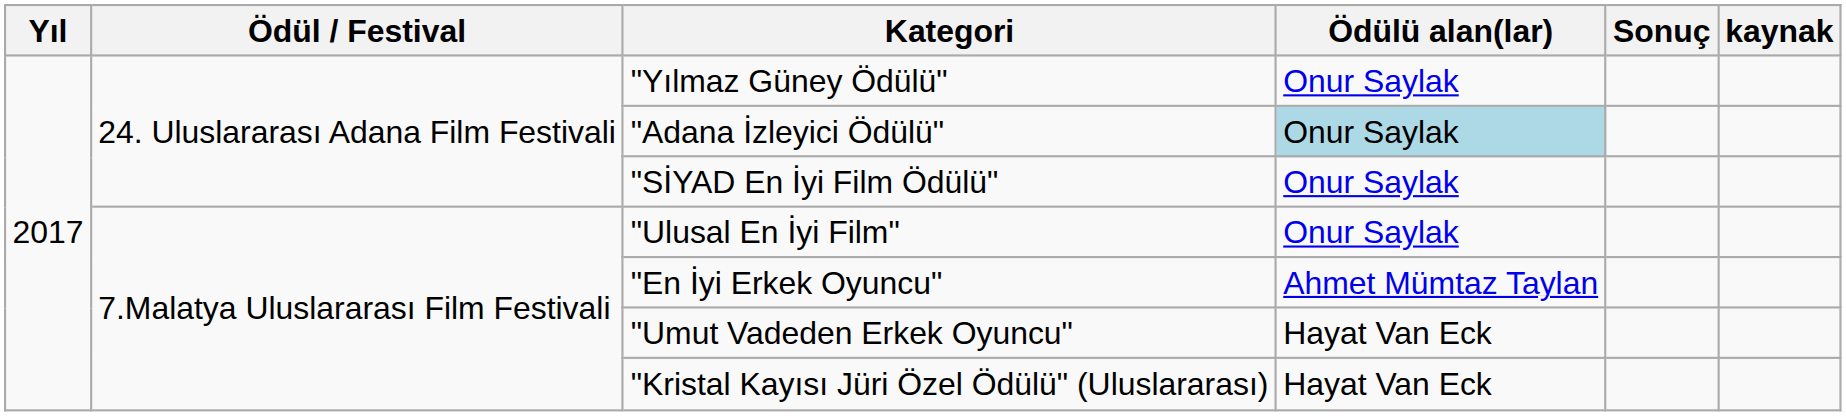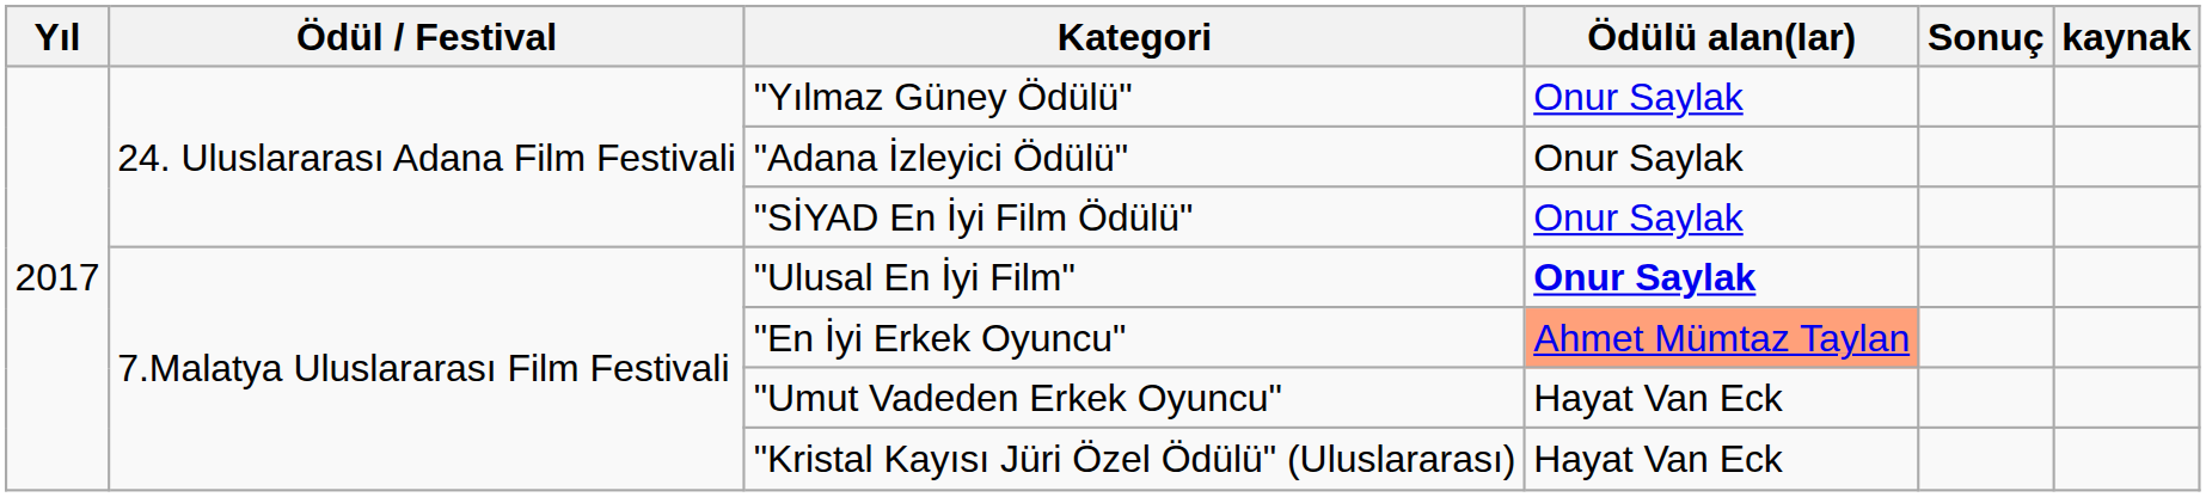 <table class="wikitable" style="font-size:95%;">
 <tr>
 <th>Yıl</th>
 <th>Ödül / Festival</th>
 <th>Kategori</th>
 <th>Ödülü alan(lar)</th>
 <th>Sonuç</th>
 <th>kaynak</th>
 </tr>
 <tr>
 <td rowspan="7">2017</td>
 <td rowspan="3">24. Uluslararası Adana Film Festivali</td>
 <td>"Yılmaz Güney Ödülü"</td>
 <td><a href='#'>Onur Saylak</a></td>
 <td></td>
 <td></td>
 </tr>
 <tr>
 <td>"Adana İzleyici Ödülü"</td>
-<td style="background: lightblue;">Onur Saylak</td>
+<td>Onur Saylak</td>
 <td></td>
 <td></td>
 </tr>
 <tr>
 <td>"SİYAD En İyi Film Ödülü"</td>
 <td><a href='#'>Onur Saylak</a></td>
 <td></td>
 <td></td>
 </tr>
 <tr>
 <td rowspan="4">7.Malatya Uluslararası Film Festivali</td>
 <td>"Ulusal En İyi Film"</td>
-<td><a href='#'>Onur Saylak</a></td>
+<td><strong><a href='#'>Onur Saylak</a></strong></td>
 <td></td>
 <td></td>
 </tr>
 <tr>
 <td>"En İyi Erkek Oyuncu"</td>
-<td><a href='#'>Ahmet Mümtaz Taylan</a></td>
+<td style="background: lightsalmon;"><a href='#'>Ahmet Mümtaz Taylan</a></td>
 <td></td>
 <td></td>
 </tr>
 <tr>
 <td>"Umut Vadeden Erkek Oyuncu"</td>
 <td>Hayat Van Eck</td>
 <td></td>
 <td></td>
 </tr>
 <tr>
 <td>"Kristal Kayısı Jüri Özel Ödülü" (Uluslararası)</td>
 <td>Hayat Van Eck</td>
 <td></td>
 <td></td>
 </tr>
 </table>
